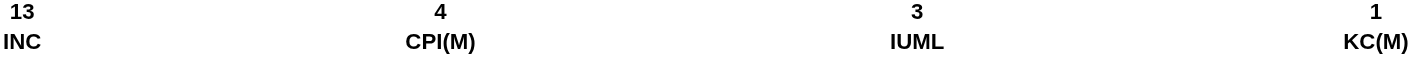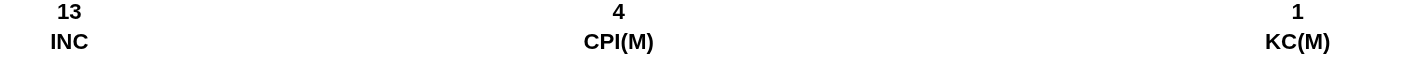 <table style="width:100%; text-align:center;">
 <tr>
 <td style="background:"><strong>13</strong></td>
 <td style="background:"><strong>4</strong></td>
-<td style="background:"><strong>3</strong></td>
 <td style="background:"><strong>1</strong></td>
 </tr>
 <tr>
 <td><span><strong>INC</strong></span></td>
 <td><span><strong>CPI(M)</strong></span></td>
-<td><span><strong>IUML</strong></span></td>
 <td><span><strong>KC(M)</strong></span></td>
 </tr>
 </table>
